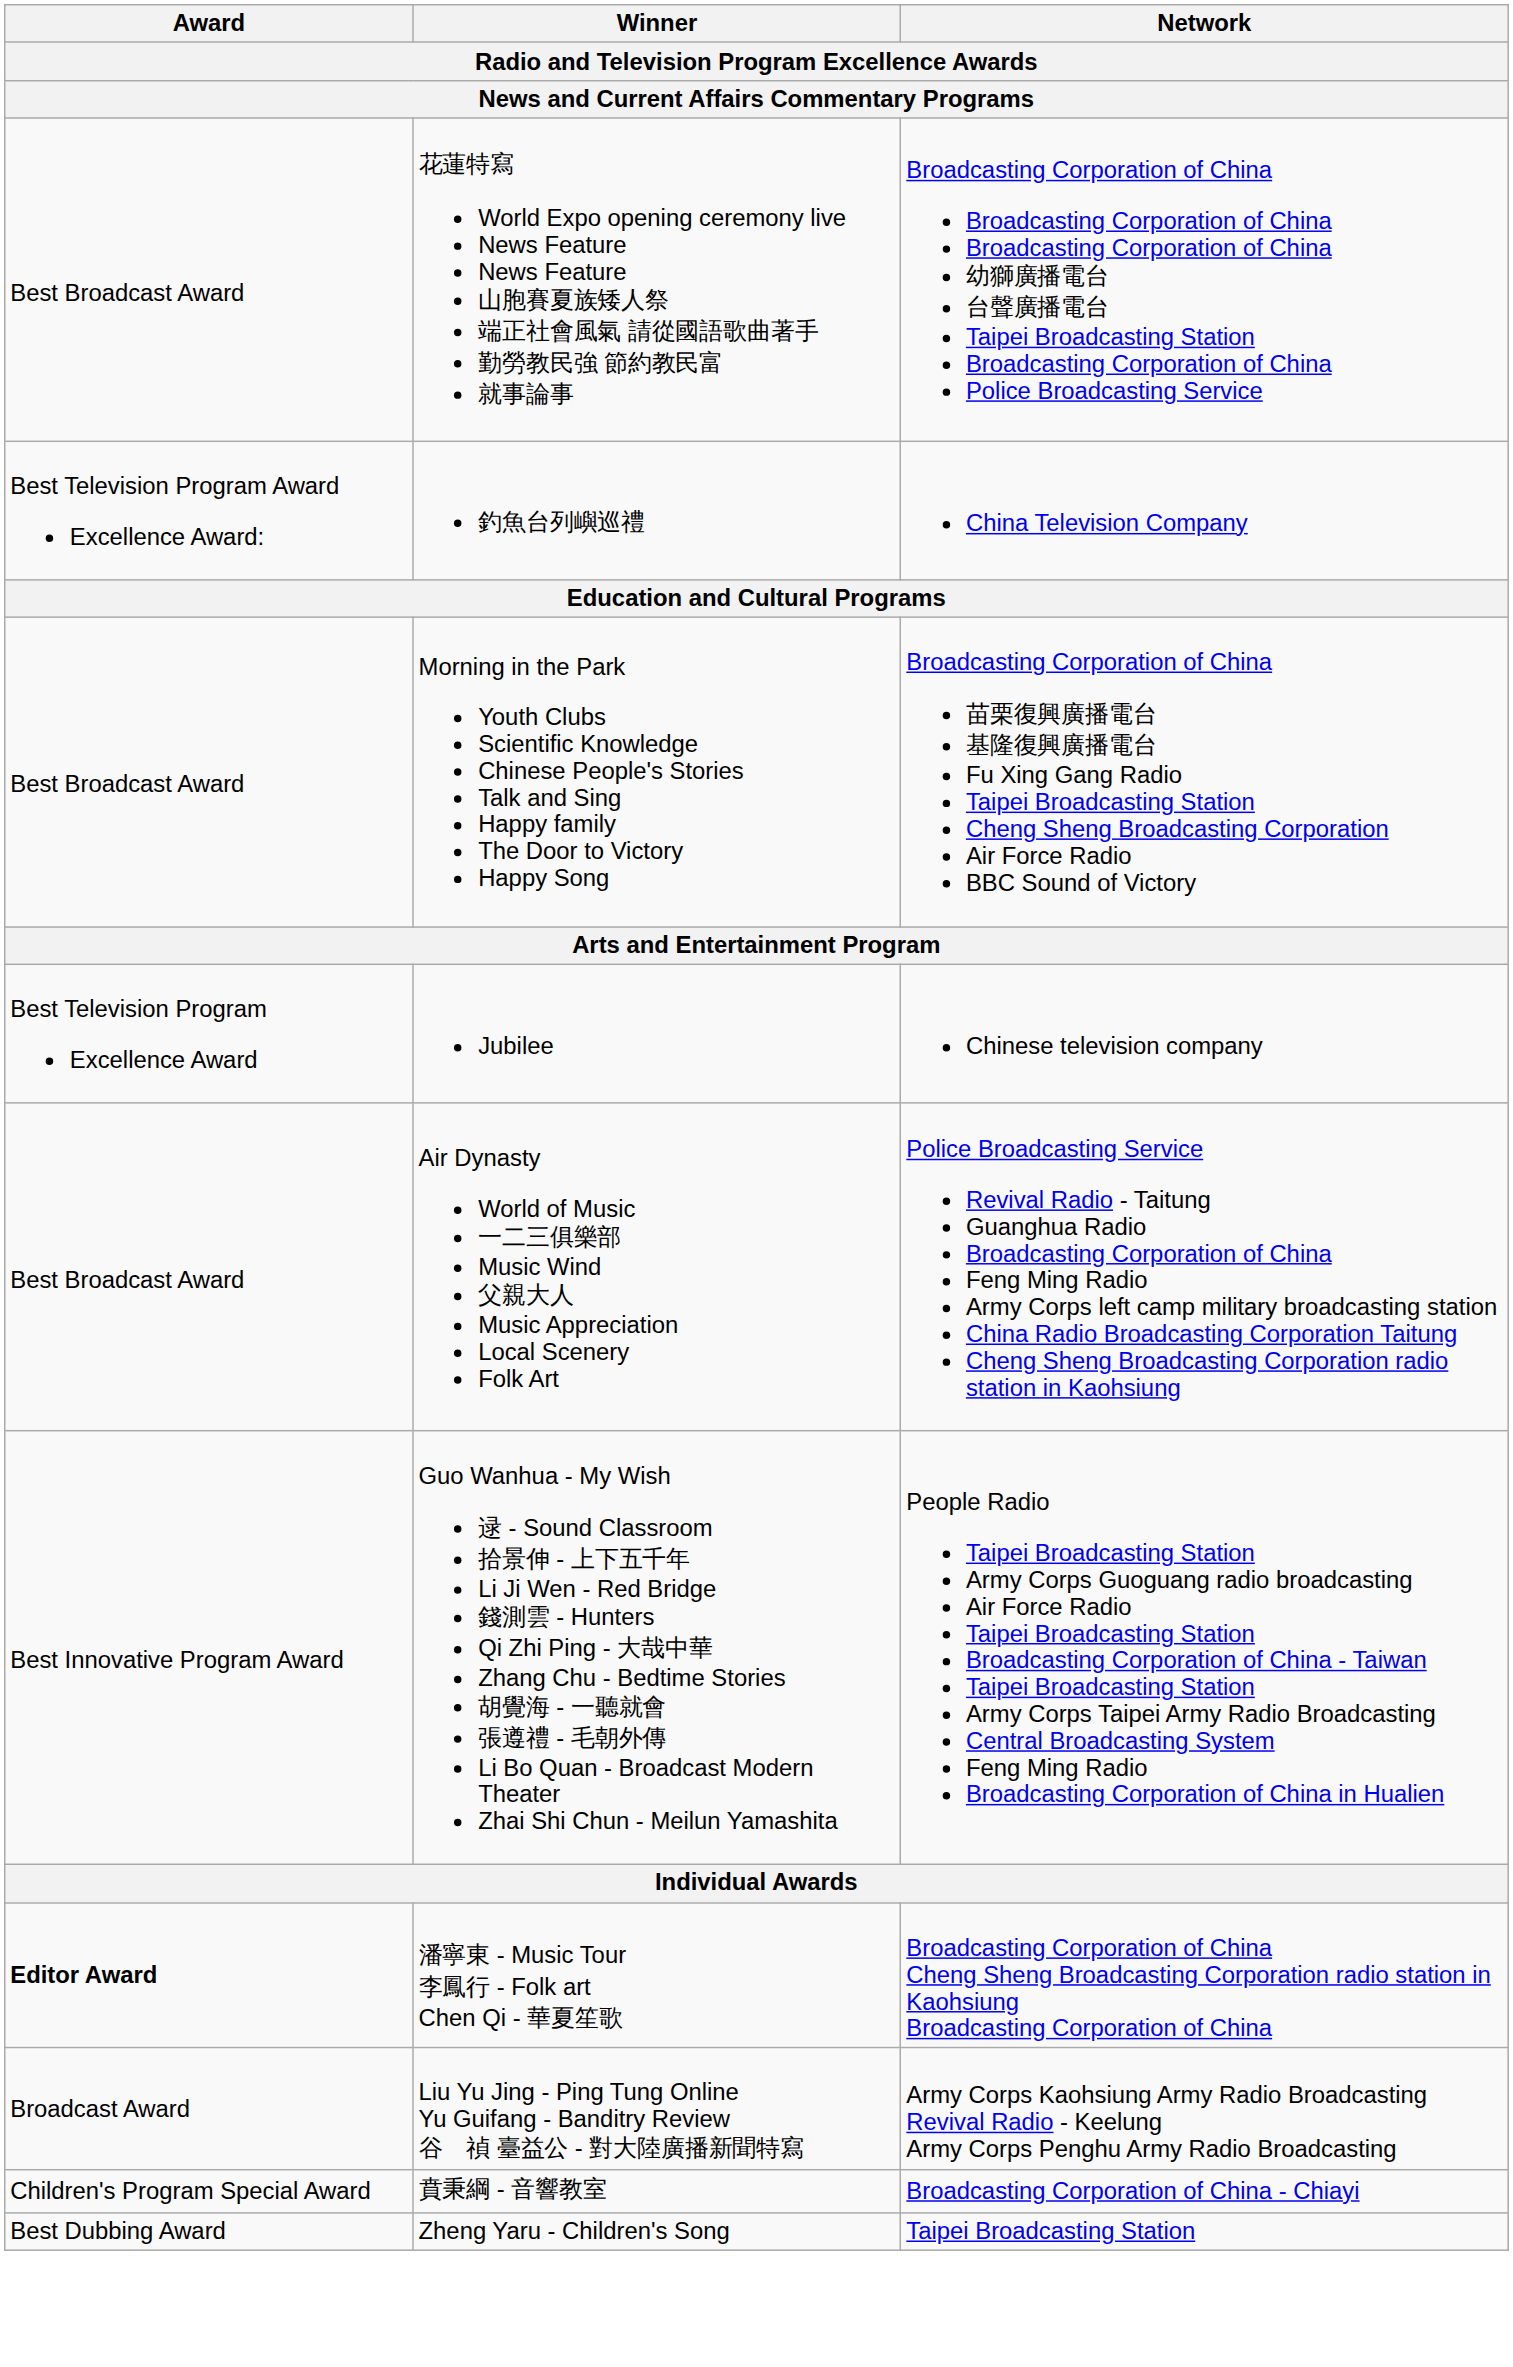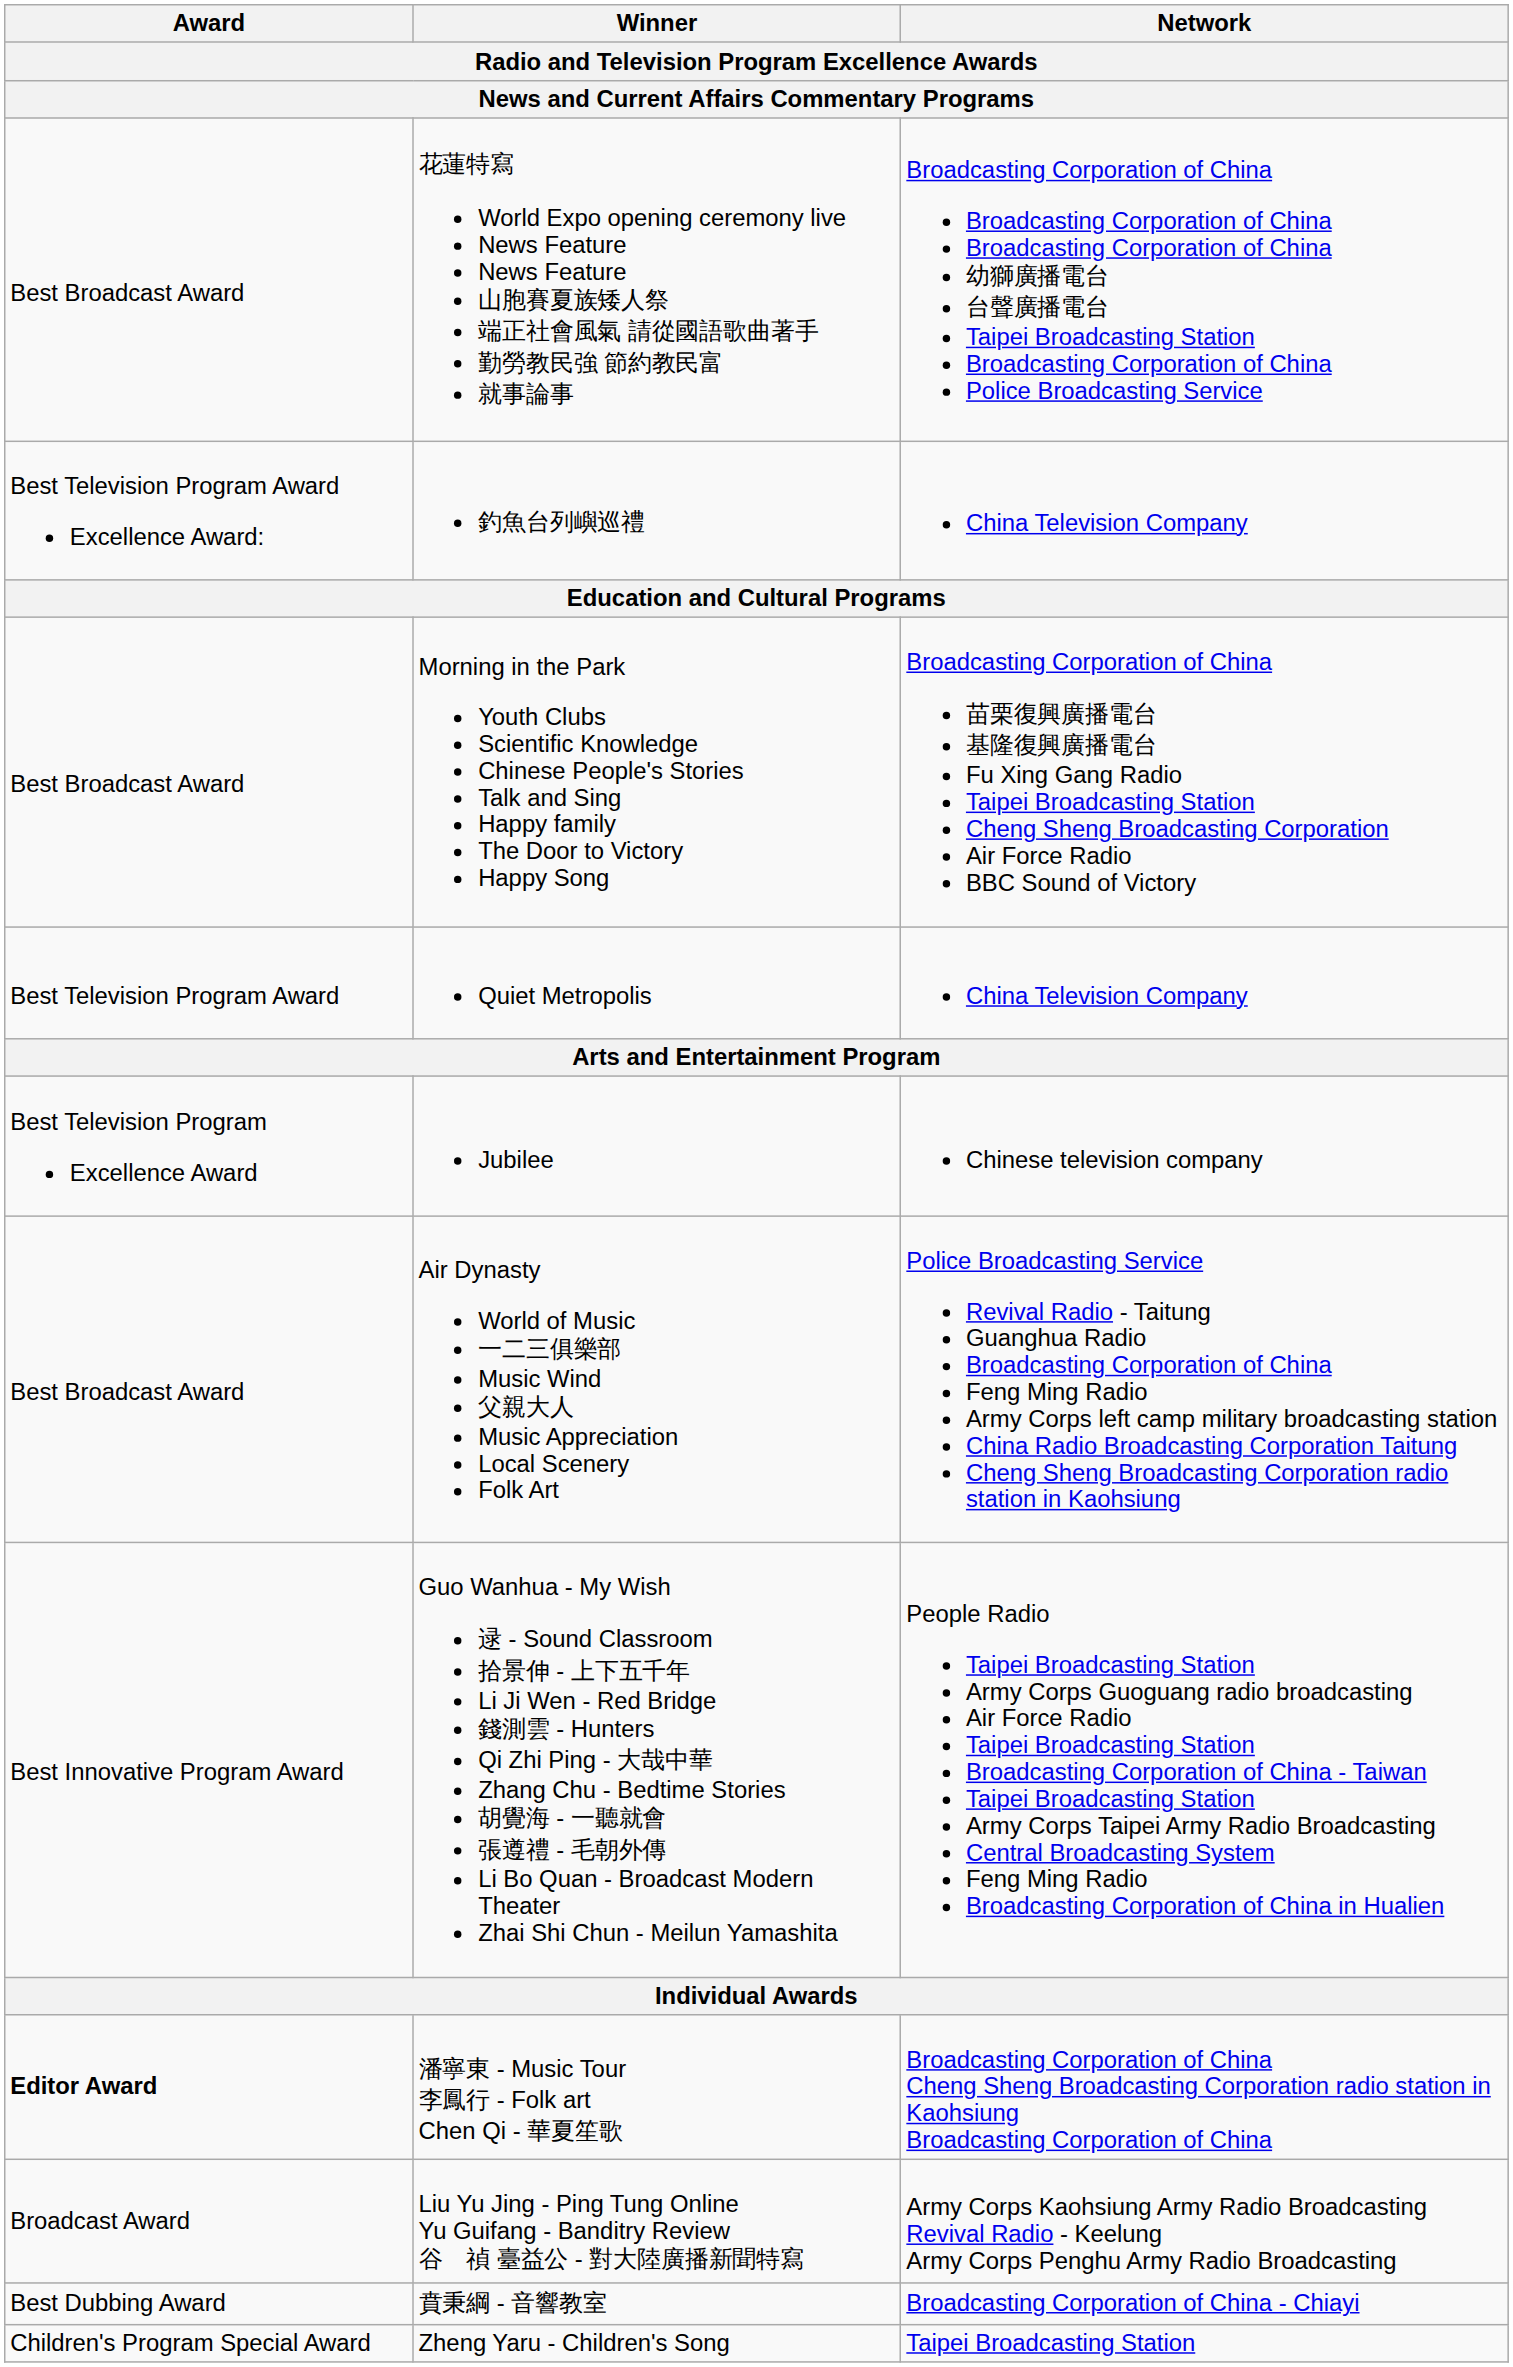 <table class="wikitable">
 <tr>
 <th style="width:200pt;">Award</th>
 <th style="width:240pt;">Winner</th>
 <th style="width:300pt;">Network</th>
 </tr>
 <tr>
 <th colspan=3 style="text-align:center" style="background:#99CCFF;">Radio and Television Program Excellence Awards</th>
 </tr>
 <tr>
 <th colspan=3 style="text-align:center" style="background: LightSteelBlue;">News and Current Affairs Commentary Programs</th>
 </tr>
 <tr>
 <td><br>Best Broadcast Award</td>
 <td><br>花蓮特寫<ul><li>World Expo opening ceremony live</li><li>News Feature</li><li>News Feature</li><li>山胞賽夏族矮人祭</li><li>端正社會風氣 請從國語歌曲著手</li><li>勤勞教民強 節約教民富</li><li>就事論事</li></ul></td>
 <td><br><a href='#'>Broadcasting Corporation of China</a><ul><li><a href='#'>Broadcasting Corporation of China</a></li><li><a href='#'>Broadcasting Corporation of China</a></li><li>幼獅廣播電台</li><li>台聲廣播電台</li><li><a href='#'>Taipei Broadcasting Station</a></li><li><a href='#'>Broadcasting Corporation of China</a></li><li><a href='#'>Police Broadcasting Service</a></li></ul></td>
 </tr>
 <tr>
 <td><br>Best Television Program Award<ul><li>Excellence Award:</li></ul></td>
 <td><br><ul><li>釣魚台列嶼巡禮</li></ul></td>
 <td><br><ul><li><a href='#'>China Television Company</a></li></ul></td>
 </tr>
 <tr>
 <th colspan=3 style="text-align:center" style="background: LightSteelBlue;">Education and Cultural Programs</th>
 </tr>
 <tr>
 <td><br>Best Broadcast Award</td>
 <td><br>Morning in the Park<ul><li>Youth Clubs</li><li>Scientific Knowledge</li><li>Chinese People's Stories</li><li>Talk and Sing</li><li>Happy family</li><li>The Door to Victory</li><li>Happy Song</li></ul></td>
 <td><br><a href='#'>Broadcasting Corporation of China</a><ul><li>苗栗復興廣播電台</li><li>基隆復興廣播電台</li><li>Fu Xing Gang Radio</li><li><a href='#'>Taipei Broadcasting Station</a></li><li><a href='#'>Cheng Sheng Broadcasting Corporation</a></li><li>Air Force Radio</li><li>BBC Sound of Victory</li></ul></td>
+</tr>
+<tr>
+<td><br>Best Television Program Award</td>
+<td><br><ul><li>Quiet Metropolis</li></ul></td>
+<td><br><ul><li><a href='#'>China Television Company</a></li></ul></td>
 </tr>
 <tr>
 <th colspan=3 style="text-align:center" style="background: LightSteelBlue;">Arts and Entertainment Program</th>
 </tr>
 <tr>
 <td><br>Best Television Program<ul><li>Excellence Award</li></ul></td>
 <td><br><ul><li>Jubilee</li></ul></td>
 <td><br><ul><li>Chinese television company</li></ul></td>
 </tr>
 <tr>
 <td><br>Best Broadcast Award</td>
 <td><br>Air Dynasty<ul><li>World of Music</li><li>一二三俱樂部</li><li>Music Wind</li><li>父親大人</li><li>Music Appreciation</li><li>Local Scenery</li><li>Folk Art</li></ul></td>
 <td><br><a href='#'>Police Broadcasting Service</a><ul><li><a href='#'>Revival Radio</a> - Taitung</li><li>Guanghua Radio</li><li><a href='#'>Broadcasting Corporation of China</a></li><li>Feng Ming Radio</li><li>Army Corps left camp military broadcasting station</li><li><a href='#'>China Radio Broadcasting Corporation Taitung</a></li><li><a href='#'>Cheng Sheng Broadcasting Corporation radio station in Kaohsiung</a></li></ul></td>
 </tr>
 <tr>
 <td><br>Best Innovative Program Award</td>
 <td><br>Guo Wanhua - My Wish<ul><li>逯 - Sound Classroom</li><li>拾景伸 - 上下五千年</li><li>Li Ji Wen - Red Bridge</li><li>錢測雲 - Hunters</li><li>Qi Zhi Ping - 大哉中華</li><li>Zhang Chu - Bedtime Stories</li><li>胡覺海 - 一聽就會</li><li>張遵禮 - 毛朝外傳</li><li>Li Bo Quan - Broadcast Modern Theater</li><li>Zhai Shi Chun - Meilun Yamashita</li></ul></td>
 <td><br>People Radio<ul><li><a href='#'>Taipei Broadcasting Station</a></li><li>Army Corps Guoguang radio broadcasting</li><li>Air Force Radio</li><li><a href='#'>Taipei Broadcasting Station</a></li><li><a href='#'>Broadcasting Corporation of China - Taiwan</a></li><li><a href='#'>Taipei Broadcasting Station</a></li><li>Army Corps Taipei Army Radio Broadcasting</li><li><a href='#'>Central Broadcasting System</a></li><li>Feng Ming Radio</li><li><a href='#'>Broadcasting Corporation of China in Hualien</a></li></ul></td>
 </tr>
 <tr>
 <th colspan=3 style="text-align:center" style="background:#99CCFF;">Individual Awards</th>
 </tr>
 <tr>
 <td><strong>Editor Award</strong></td>
 <td><br>潘寧東 - Music Tour <br>李鳳行 - Folk art <br>Chen Qi - 華夏笙歌</td>
 <td><br><a href='#'>Broadcasting Corporation of China</a> <br><a href='#'>Cheng Sheng Broadcasting Corporation radio station in Kaohsiung</a> <br><a href='#'>Broadcasting Corporation of China</a></td>
 </tr>
 <tr>
 <td>Broadcast Award</td>
 <td><br>Liu Yu Jing - Ping Tung Online <br>Yu Guifang - Banditry Review <br> 谷　禎 臺益公 - 對大陸廣播新聞特寫</td>
 <td><br>Army Corps Kaohsiung Army Radio Broadcasting <br><a href='#'>Revival Radio</a> - Keelung  <br>Army Corps Penghu Army Radio Broadcasting</td>
 </tr>
 <tr>
-<td>Children's Program Special Award</td>
+<td>Best Dubbing Award</td>
 <td>賁秉綱 - 音響教室</td>
 <td><a href='#'>Broadcasting Corporation of China - Chiayi</a></td>
 </tr>
 <tr>
-<td>Best Dubbing Award</td>
+<td>Children's Program Special Award</td>
 <td>Zheng Yaru - Children's Song</td>
 <td><a href='#'>Taipei Broadcasting Station</a></td>
 </tr>
 </table>
